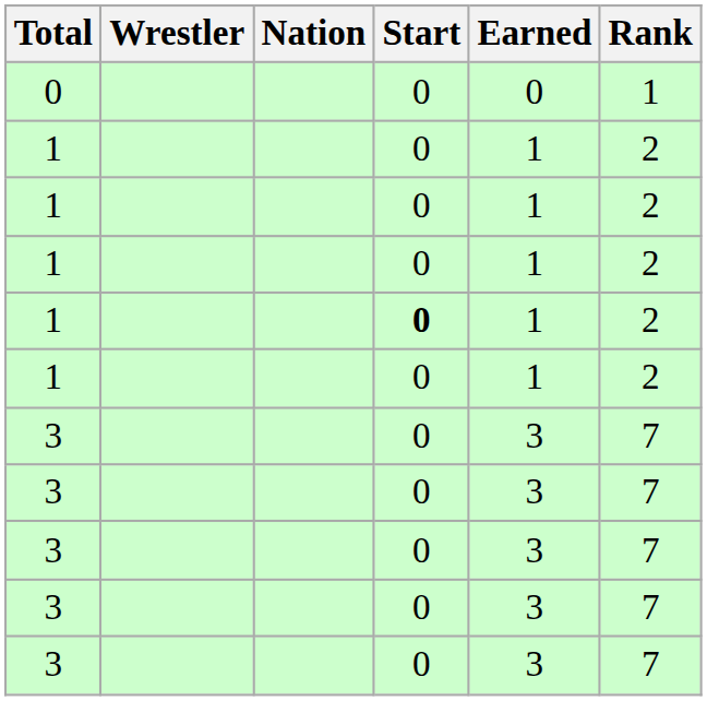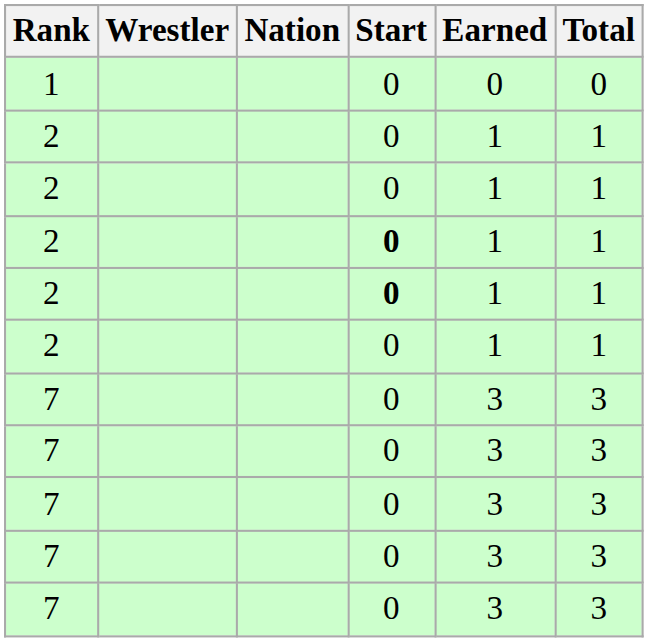 <table class="wikitable sortable" style="text-align:center;">
 <tr>
-<th>Total</th>
+<th>Rank</th>
 <th>Wrestler</th>
 <th>Nation</th>
 <th>Start</th>
 <th>Earned</th>
-<th>Rank</th>
-</tr>
-<tr style="background:#cfc;">
-<td>0</td>
-<td align=left></td>
-<td align=left></td>
-<td>0</td>
-<td>0</td>
-<td>1</td>
+<th>Total</th>
 </tr>
 <tr style="background:#cfc;">
 <td>1</td>
 <td align=left></td>
 <td align=left></td>
 <td>0</td>
-<td>1</td>
-<td>2</td>
+<td>0</td>
+<td>0</td>
 </tr>
 <tr style="background:#cfc;">
-<td>1</td>
+<td>2</td>
 <td align=left></td>
 <td align=left></td>
 <td>0</td>
 <td>1</td>
-<td>2</td>
+<td>1</td>
 </tr>
 <tr style="background:#cfc;">
-<td>1</td>
+<td>2</td>
 <td align=left></td>
 <td align=left></td>
 <td>0</td>
 <td>1</td>
-<td>2</td>
+<td>1</td>
 </tr>
 <tr style="background:#cfc;">
-<td>1</td>
+<td>2</td>
 <td align=left></td>
 <td align=left></td>
 <td><strong>0</strong></td>
 <td>1</td>
-<td>2</td>
+<td>1</td>
 </tr>
 <tr style="background:#cfc;">
+<td>2</td>
+<td align=left></td>
+<td align=left></td>
+<td><strong>0</strong></td>
 <td>1</td>
+<td>1</td>
+</tr>
+<tr style="background:#cfc;">
+<td>2</td>
 <td align=left></td>
 <td align=left></td>
 <td>0</td>
 <td>1</td>
-<td>2</td>
+<td>1</td>
 </tr>
 <tr style="background:#cfc;">
-<td>3</td>
+<td>7</td>
 <td align=left></td>
 <td align=left></td>
 <td>0</td>
 <td>3</td>
-<td>7</td>
+<td>3</td>
 </tr>
 <tr style="background:#cfc;">
-<td>3</td>
+<td>7</td>
 <td align=left></td>
 <td align=left></td>
 <td>0</td>
 <td>3</td>
-<td>7</td>
+<td>3</td>
 </tr>
 <tr style="background:#cfc;">
-<td>3</td>
+<td>7</td>
 <td align=left></td>
 <td align=left></td>
 <td>0</td>
 <td>3</td>
-<td>7</td>
+<td>3</td>
 </tr>
 <tr style="background:#cfc;">
-<td>3</td>
+<td>7</td>
 <td align=left></td>
 <td align=left></td>
 <td>0</td>
 <td>3</td>
-<td>7</td>
+<td>3</td>
 </tr>
 <tr style="background:#cfc;">
-<td>3</td>
+<td>7</td>
 <td align=left></td>
 <td align=left></td>
 <td>0</td>
 <td>3</td>
-<td>7</td>
+<td>3</td>
 </tr>
 </table>
